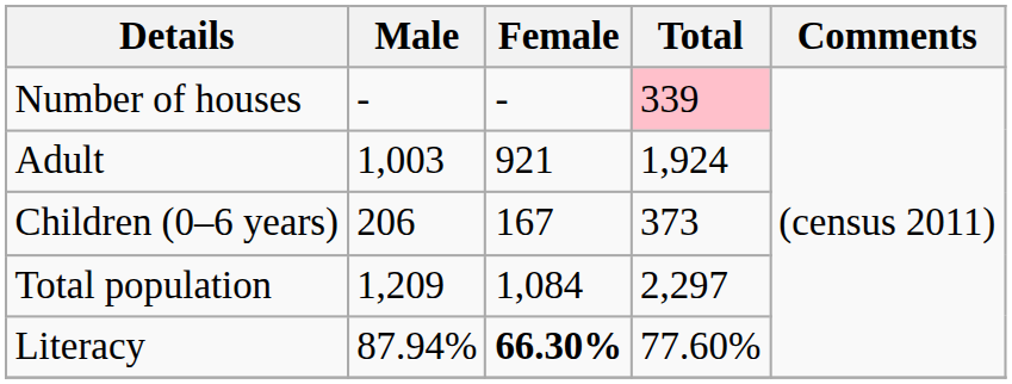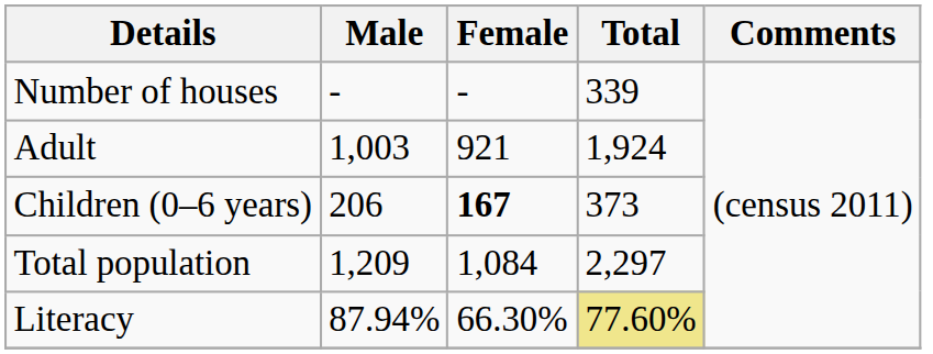 <table class="wikitable sortable">
 <tr>
 <th>Details</th>
 <th>Male</th>
 <th>Female</th>
 <th>Total</th>
 <th>Comments</th>
 </tr>
 <tr>
 <td>Number of houses</td>
 <td>-</td>
 <td>-</td>
-<td style="background: pink;">339</td>
+<td>339</td>
 <td rowspan="5">(census 2011) </td>
 </tr>
 <tr>
 <td>Adult</td>
 <td>1,003</td>
 <td>921</td>
 <td>1,924</td>
 </tr>
 <tr>
 <td>Children (0–6 years)</td>
 <td>206</td>
-<td>167</td>
+<td><strong>167</strong></td>
 <td>373</td>
 </tr>
 <tr>
 <td>Total population</td>
 <td>1,209</td>
 <td>1,084</td>
 <td>2,297</td>
 </tr>
 <tr>
 <td>Literacy</td>
 <td>87.94%</td>
-<td><strong>66.30%</strong></td>
-<td>77.60%</td>
+<td>66.30%</td>
+<td style="background: khaki;">77.60%</td>
 </tr>
 <tr>
 </tr>
 </table>
